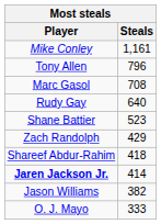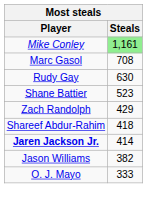 <table class="wikitable sortable" style="text-align:center">
 <tr>
 <th colspan="2" style="text-align:center; ">Most steals</th>
 </tr>
 <tr>
 <th style="text-align:center; ">Player</th>
 <th style="text-align:center; ">Steals</th>
 </tr>
 <tr>
 <td><em><a href='#'>Mike Conley</a></em></td>
-<td>1,161</td>
-</tr>
-<tr>
-<td><a href='#'>Tony Allen</a></td>
-<td>796</td>
+<td style="background: lightgreen;">1,161</td>
 </tr>
 <tr>
 <td><a href='#'>Marc Gasol</a></td>
 <td>708</td>
 </tr>
 <tr>
 <td><a href='#'>Rudy Gay</a></td>
-<td>640</td>
+<td>630</td>
 </tr>
 <tr>
 <td><a href='#'>Shane Battier</a></td>
 <td>523</td>
 </tr>
 <tr>
 <td><a href='#'>Zach Randolph</a></td>
 <td>429</td>
 </tr>
 <tr>
 <td><a href='#'>Shareef Abdur-Rahim</a></td>
 <td>418</td>
 </tr>
 <tr>
 <td><strong><a href='#'>Jaren Jackson Jr.</a></strong></td>
 <td>414</td>
 </tr>
 <tr>
 <td><a href='#'>Jason Williams</a></td>
 <td>382</td>
 </tr>
 <tr>
 <td><a href='#'>O. J. Mayo</a></td>
 <td>333</td>
 </tr>
 </table>
